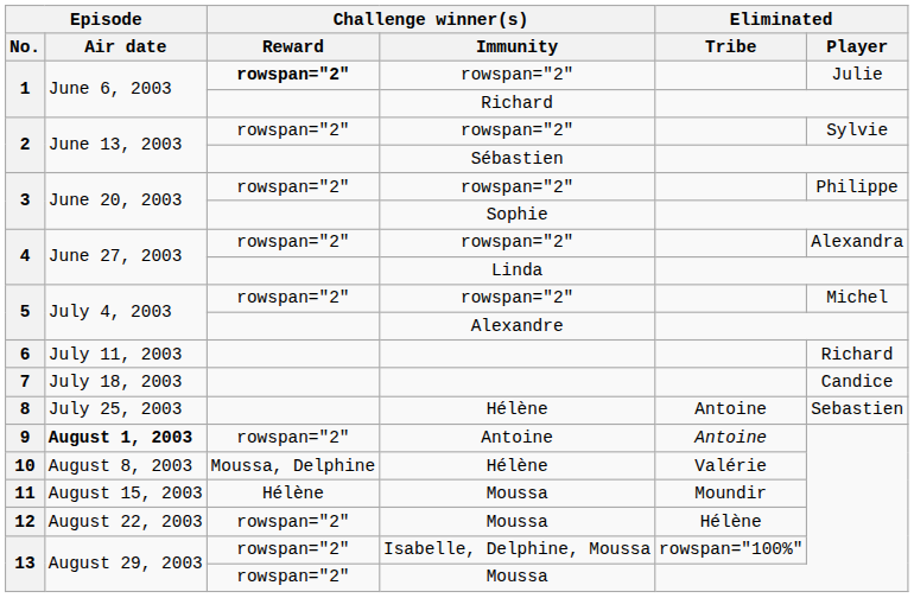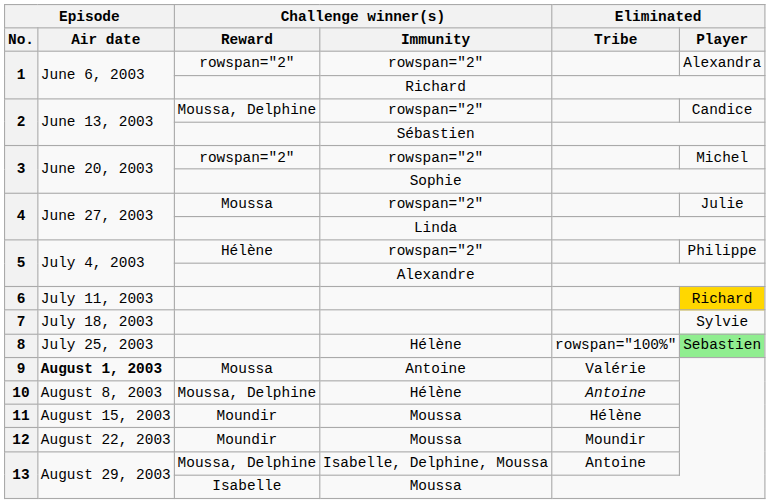 <table class="wikitable unsortable" style="text-align:center;">
 <tr>
 <th colspan="2" scope="col">Episode</th>
 <th colspan="2" scope="col">Challenge winner(s)</th>
 <th colspan="2" scope="col">Eliminated</th>
 </tr>
 <tr>
 <th scope="col">No.</th>
 <th scope="col">Air date</th>
 <th scope="col">Reward</th>
 <th scope="col">Immunity</th>
 <th scope="col">Tribe</th>
 <th scope="col">Player</th>
 </tr>
 <tr>
 <th rowspan="2" scope="row">1</th>
 <td rowspan="2" align="left">June 6, 2003</td>
-<td><strong>rowspan="2" </strong></td>
+<td>rowspan="2" </td>
 <td>rowspan="2" </td>
 <td></td>
-<td>Julie</td>
+<td>Alexandra</td>
 </tr>
 <tr>
 <td></td>
 <td>Richard</td>
 </tr>
 <tr>
 <th rowspan="2" scope="row">2</th>
 <td rowspan="2" align="left">June 13, 2003</td>
-<td>rowspan="2" </td>
+<td>Moussa, Delphine</td>
 <td>rowspan="2" </td>
 <td></td>
-<td>Sylvie</td>
+<td>Candice</td>
 </tr>
 <tr>
 <td></td>
 <td>Sébastien</td>
 </tr>
 <tr>
 <th rowspan="2" scope="row">3</th>
 <td rowspan="2" align="left">June 20, 2003</td>
 <td>rowspan="2" </td>
 <td>rowspan="2" </td>
 <td></td>
-<td>Philippe</td>
+<td>Michel</td>
 </tr>
 <tr>
 <td></td>
 <td>Sophie</td>
 </tr>
 <tr>
 <th rowspan="2" scope="row">4</th>
 <td rowspan="2" align="left">June 27, 2003</td>
-<td>rowspan="2" </td>
+<td>Moussa</td>
 <td>rowspan="2" </td>
 <td></td>
-<td>Alexandra</td>
+<td>Julie</td>
 </tr>
 <tr>
 <td></td>
 <td>Linda</td>
 </tr>
 <tr>
 <th rowspan="2" scope="row">5</th>
 <td rowspan="2" align="left">July 4, 2003</td>
-<td>rowspan="2" </td>
+<td>Hélène</td>
 <td>rowspan="2" </td>
 <td></td>
-<td>Michel</td>
+<td>Philippe</td>
 </tr>
 <tr>
 <td></td>
 <td>Alexandre</td>
 </tr>
 <tr>
 <th scope="row">6</th>
 <td align="left">July 11, 2003</td>
 <td></td>
 <td></td>
 <td></td>
-<td>Richard</td>
+<td style="background: gold;">Richard</td>
 </tr>
 <tr>
 <th scope="row">7</th>
 <td align="left">July 18, 2003</td>
 <td></td>
 <td></td>
 <td></td>
-<td>Candice</td>
+<td>Sylvie</td>
 </tr>
 <tr>
 <th scope="row">8</th>
 <td align="left">July 25, 2003</td>
 <td></td>
 <td>Hélène</td>
-<td>Antoine</td>
-<td>Sebastien</td>
+<td>rowspan="100%" </td>
+<td style="background: lightgreen;">Sebastien</td>
 </tr>
 <tr>
 <th scope="row">9</th>
 <td align="left"><strong>August 1, 2003</strong></td>
-<td>rowspan="2" </td>
+<td>Moussa</td>
 <td>Antoine</td>
-<td><em>Antoine</em></td>
+<td>Valérie</td>
 </tr>
 <tr>
 <th scope="row">10</th>
 <td align="left">August 8, 2003</td>
 <td>Moussa, Delphine</td>
 <td>Hélène</td>
-<td>Valérie</td>
+<td><em>Antoine</em></td>
 </tr>
 <tr>
 <th scope="row">11</th>
 <td align="left">August 15, 2003</td>
+<td>Moundir</td>
+<td>Moussa</td>
 <td>Hélène</td>
+</tr>
+<tr>
+<th scope="row">12</th>
+<td align="left">August 22, 2003</td>
+<td>Moundir</td>
 <td>Moussa</td>
 <td>Moundir</td>
 </tr>
 <tr>
-<th scope="row">12</th>
-<td align="left">August 22, 2003</td>
-<td>rowspan="2" </td>
-<td>Moussa</td>
-<td>Hélène</td>
+<th rowspan="2" scope="row">13</th>
+<td rowspan="2" align="left">August 29, 2003</td>
+<td>Moussa, Delphine</td>
+<td>Isabelle, Delphine, Moussa</td>
+<td>Antoine</td>
 </tr>
 <tr>
-<th rowspan="2" scope="row">13</th>
-<td rowspan="2" align="left">August 29, 2003</td>
-<td>rowspan="2" </td>
-<td>Isabelle, Delphine, Moussa</td>
-<td>rowspan="100%" </td>
-</tr>
-<tr>
-<td>rowspan="2" </td>
+<td>Isabelle</td>
 <td>Moussa</td>
 </tr>
 </table>
